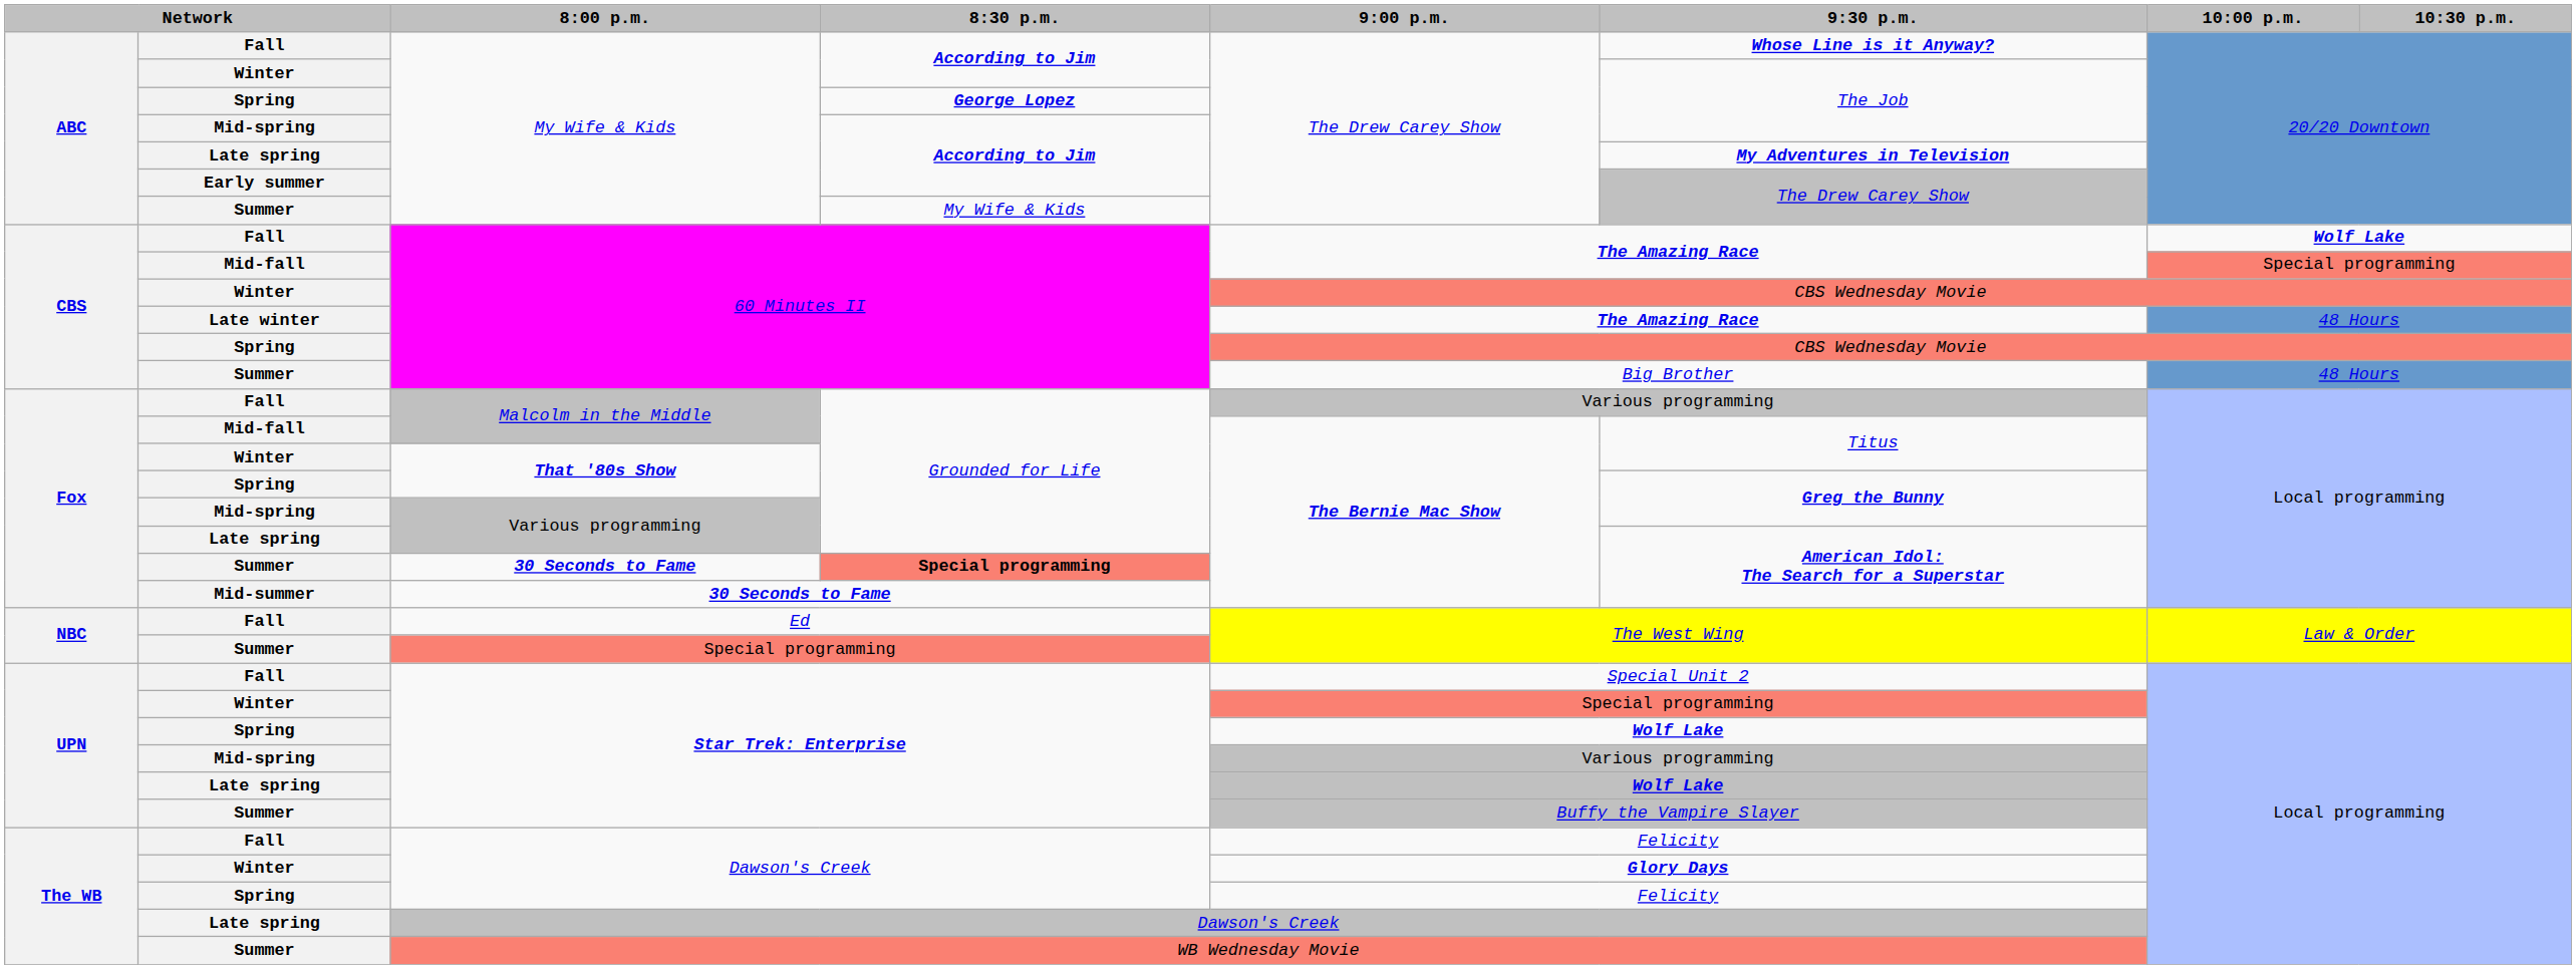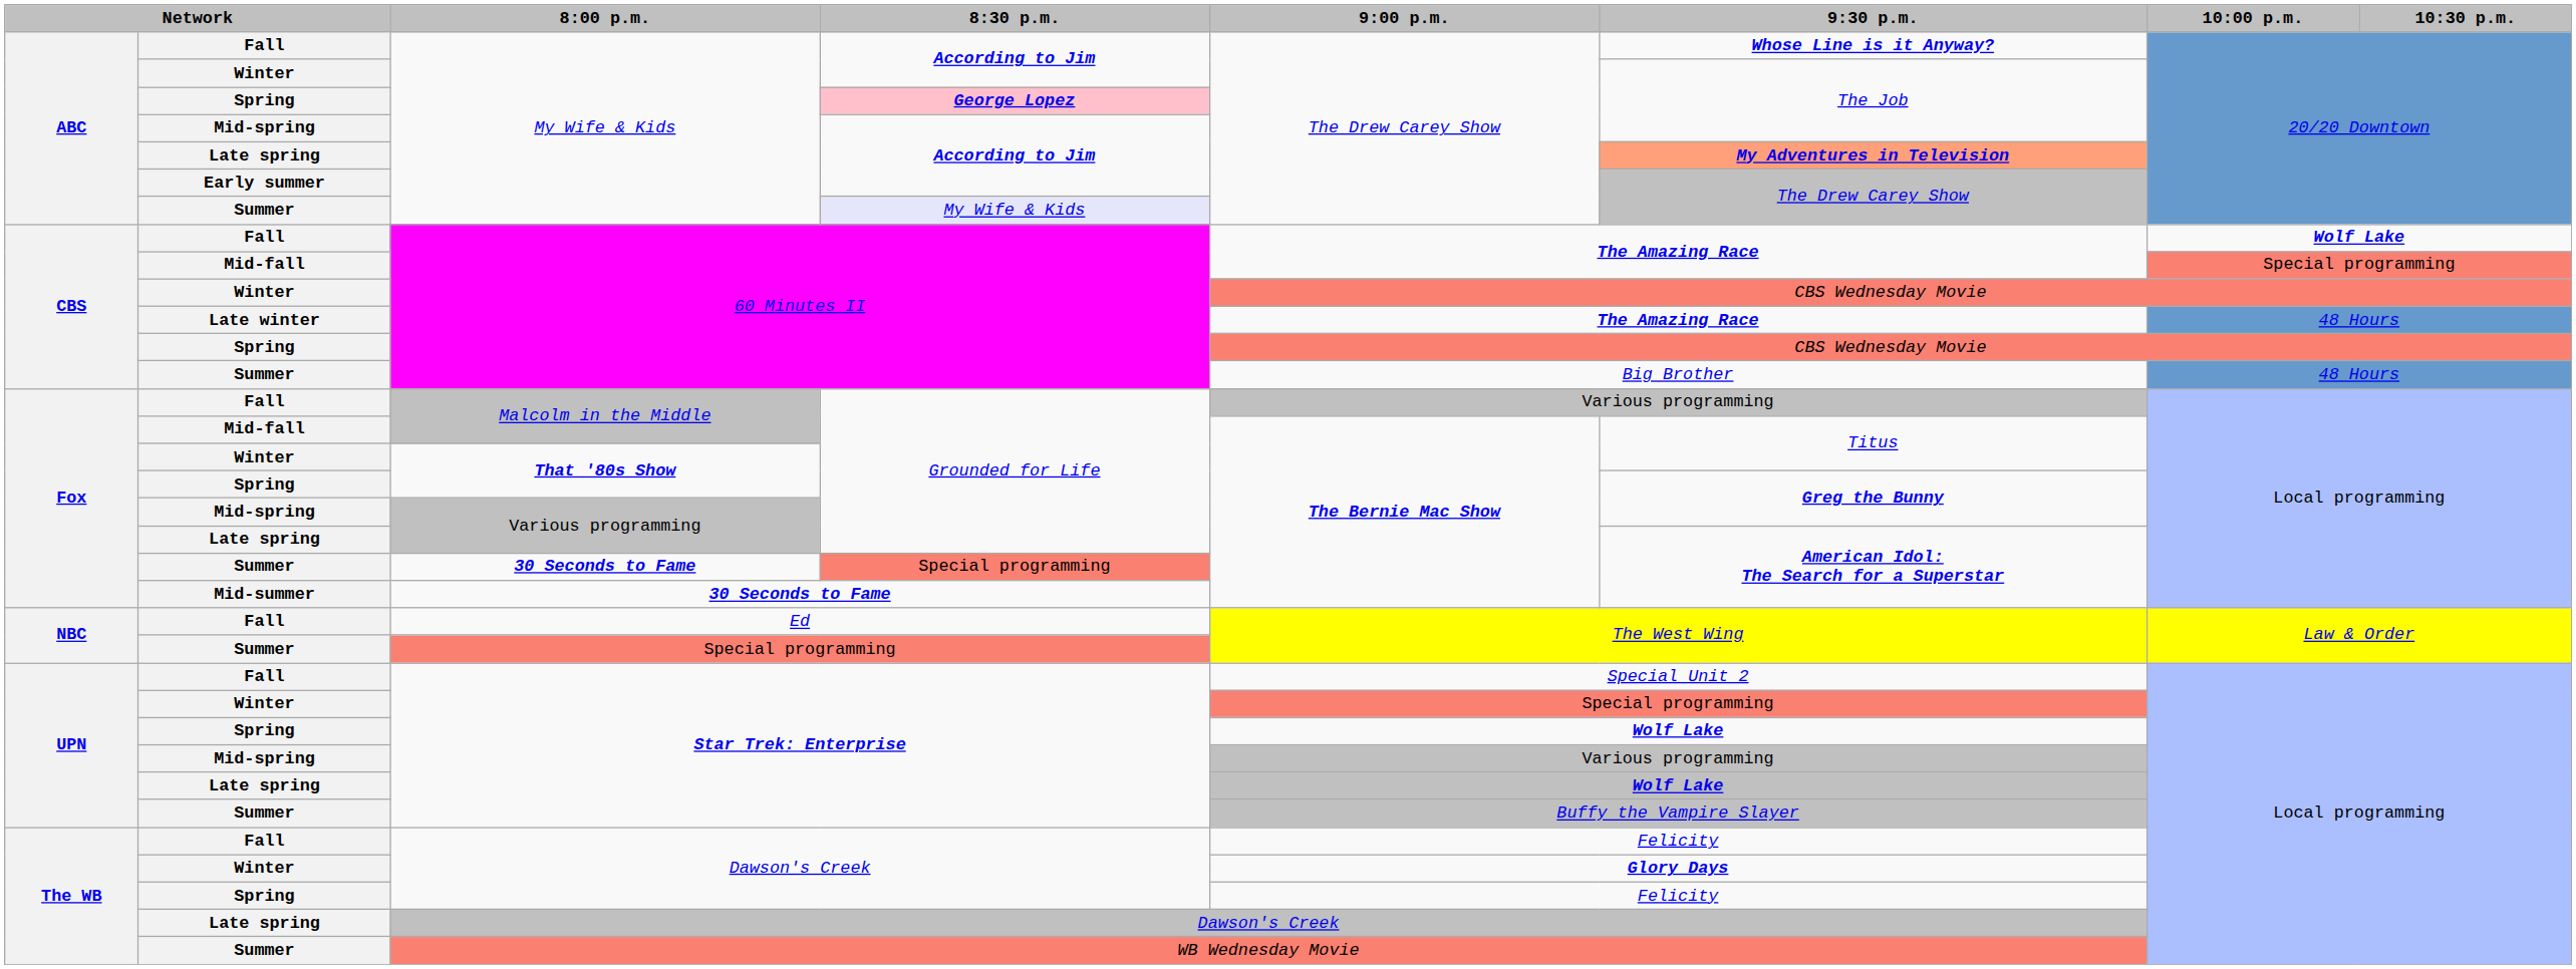 <table class="wikitable" style="width:100%;margin-right:0;text-align:center">
 <tr>
 <th colspan="2" style="background-color:#C0C0C0">Network</th>
 <th style="background-color:#C0C0C0;text-align:center">8:00 p.m.</th>
 <th style="background-color:#C0C0C0;text-align:center">8:30 p.m.</th>
 <th style="background-color:#C0C0C0;text-align:center">9:00 p.m.</th>
 <th style="background-color:#C0C0C0;text-align:center">9:30 p.m.</th>
 <th style="background-color:#C0C0C0;text-align:center">10:00 p.m.</th>
 <th style="background-color:#C0C0C0;text-align:center">10:30 p.m.</th>
 </tr>
 <tr>
 <th rowspan="7"><a href='#'>ABC</a></th>
 <th>Fall</th>
 <td rowspan="7"><em><a href='#'>My Wife & Kids</a></em></td>
 <td rowspan="2"><strong><em><a href='#'>According to Jim</a></em></strong></td>
 <td rowspan="7"><em><a href='#'>The Drew Carey Show</a></em></td>
 <td><strong><em><a href='#'>Whose Line is it Anyway?</a></em></strong></td>
 <td rowspan="7" colspan="2" style="background:#6699CC;"><em><a href='#'>20/20 Downtown</a></em></td>
 </tr>
 <tr>
 <th>Winter</th>
 <td rowspan="3"><em><a href='#'>The Job</a></em></td>
 </tr>
 <tr>
 <th>Spring</th>
-<td><strong><em><a href='#'>George Lopez</a></em></strong></td>
+<td style="background: pink;"><strong><em><a href='#'>George Lopez</a></em></strong></td>
 </tr>
 <tr>
 <th>Mid-spring</th>
 <td rowspan="3"><strong><em><a href='#'>According to Jim</a></em></strong></td>
 </tr>
 <tr>
 <th>Late spring</th>
-<td><strong><em><a href='#'>My Adventures in Television</a></em></strong></td>
+<td style="background: lightsalmon;"><strong><em><a href='#'>My Adventures in Television</a></em></strong></td>
 </tr>
 <tr>
 <th>Early summer</th>
 <td rowspan="2" style="background:#C0C0C0;"><em><a href='#'>The Drew Carey Show</a></em> </td>
 </tr>
 <tr>
 <th>Summer</th>
-<td><em><a href='#'>My Wife & Kids</a></em></td>
+<td style="background: lavender;"><em><a href='#'>My Wife & Kids</a></em></td>
 </tr>
 <tr>
 <th rowspan="6"><a href='#'>CBS</a></th>
 <th>Fall</th>
 <td colspan="2" rowspan="6" style="background:magenta;"><em><a href='#'>60 Minutes II</a></em> </td>
 <td rowspan="2" colspan="2"><strong><em><a href='#'>The Amazing Race</a></em></strong></td>
 <td colspan="2"><strong><em><a href='#'>Wolf Lake</a></em></strong></td>
 </tr>
 <tr>
 <th>Mid-fall</th>
 <td colspan="2" style="background:#FA8072;">Special programming</td>
 </tr>
 <tr>
 <th>Winter</th>
 <td colspan="4" style="background:#FA8072;"><em>CBS Wednesday Movie</em></td>
 </tr>
 <tr>
 <th>Late winter</th>
 <td colspan="2"><strong><em><a href='#'>The Amazing Race</a></em></strong></td>
 <td colspan="2" style="background:#6699CC;"><em><a href='#'>48 Hours</a></em></td>
 </tr>
 <tr>
 <th>Spring</th>
 <td colspan="4" style="background:#FA8072;"><em>CBS Wednesday Movie</em></td>
 </tr>
 <tr>
 <th>Summer</th>
 <td colspan="2"><em><a href='#'>Big Brother</a></em></td>
 <td colspan="2" style="background:#6699CC;"><em><a href='#'>48 Hours</a></em></td>
 </tr>
 <tr>
 <th rowspan="8"><a href='#'>Fox</a></th>
 <th>Fall</th>
 <td style="background:#C0C0C0;" rowspan="2"><em><a href='#'>Malcolm in the Middle</a></em> </td>
 <td rowspan="6"><em><a href='#'>Grounded for Life</a></em></td>
 <td colspan="2" style="background:#C0C0C0;">Various programming</td>
 <td style="background:#abbfff;" rowspan="8" colspan="2">Local programming</td>
 </tr>
 <tr>
 <th>Mid-fall</th>
 <td rowspan="7"><strong><em><a href='#'>The Bernie Mac Show</a></em></strong></td>
 <td rowspan="2"><em><a href='#'>Titus</a></em></td>
 </tr>
 <tr>
 <th>Winter</th>
 <td rowspan="2"><strong><em><a href='#'>That '80s Show</a></em></strong></td>
 </tr>
 <tr>
 <th>Spring</th>
 <td rowspan="2"><strong><em><a href='#'>Greg the Bunny</a></em></strong></td>
 </tr>
 <tr>
 <th>Mid-spring</th>
 <td rowspan="2" style="background:#C0C0C0;">Various programming</td>
 </tr>
 <tr>
 <th>Late spring</th>
 <td rowspan="3"><strong><em><a href='#'>American Idol:<br>The Search for a Superstar</a></em></strong></td>
 </tr>
 <tr>
 <th>Summer</th>
 <td><strong><em><a href='#'>30 Seconds to Fame</a></em></strong></td>
-<td style="background:#FA8072;"><strong>Special programming</strong></td>
+<td style="background:#FA8072;">Special programming</td>
 </tr>
 <tr>
 <th>Mid-summer</th>
 <td colspan="2"><strong><em><a href='#'>30 Seconds to Fame</a></em></strong></td>
 </tr>
 <tr>
 <th rowspan="2"><a href='#'>NBC</a></th>
 <th>Fall</th>
 <td colspan="2"><em><a href='#'>Ed</a></em></td>
 <td colspan="2" rowspan="2" style="background:yellow;"><em><a href='#'>The West Wing</a></em> </td>
 <td colspan="2" rowspan="2" style="background:yellow;"><em><a href='#'>Law & Order</a></em> </td>
 </tr>
 <tr>
 <th>Summer</th>
 <td colspan="2" style="background:#FA8072;">Special programming</td>
 </tr>
 <tr>
 <th rowspan="6"><a href='#'>UPN</a></th>
 <th>Fall</th>
 <td colspan="2" rowspan="6"><strong><em><a href='#'>Star Trek: Enterprise</a></em></strong></td>
 <td colspan="2"><em><a href='#'>Special Unit 2</a></em></td>
 <td style="background:#abbfff;" rowspan="11" colspan="2">Local programming</td>
 </tr>
 <tr>
 <th>Winter</th>
 <td colspan="2" style="background:#FA8072;">Special programming</td>
 </tr>
 <tr>
 <th>Spring</th>
 <td colspan="2"><strong><em><a href='#'>Wolf Lake</a></em></strong></td>
 </tr>
 <tr>
 <th>Mid-spring</th>
 <td colspan="2" style="background:#C0C0C0;">Various programming</td>
 </tr>
 <tr>
 <th>Late spring</th>
 <td colspan="2" style="background:#C0C0C0;"><strong><em><a href='#'>Wolf Lake</a></em></strong> </td>
 </tr>
 <tr>
 <th>Summer</th>
 <td colspan="2" style="background:#C0C0C0;"><em><a href='#'>Buffy the Vampire Slayer</a></em> </td>
 </tr>
 <tr>
 <th rowspan="5"><a href='#'>The WB</a></th>
 <th>Fall</th>
 <td rowspan="3" colspan="2"><em><a href='#'>Dawson's Creek</a></em></td>
 <td colspan="2"><em><a href='#'>Felicity</a></em></td>
 </tr>
 <tr>
 <th>Winter</th>
 <td colspan="2"><strong><em><a href='#'>Glory Days</a></em></strong></td>
 </tr>
 <tr>
 <th>Spring</th>
 <td colspan="2"><em><a href='#'>Felicity</a></em></td>
 </tr>
 <tr>
 <th>Late spring</th>
 <td colspan="4" style="background:#C0C0C0;"><em><a href='#'>Dawson's Creek</a></em> </td>
 </tr>
 <tr>
 <th>Summer</th>
 <td colspan="4" style="background:#FA8072;"><em>WB Wednesday Movie</em></td>
 </tr>
 </table>
